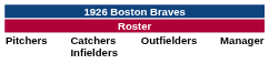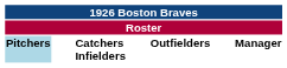 <table class="toccolours" style="font-size: 95%;">
 <tr>
 <th colspan="10" style="background-color: #0f437c; color: white; text-align: center;">1926 Boston Braves</th>
 </tr>
 <tr>
 <td colspan="10" style="background-color:#af0039; color: white; text-align: center;"><strong>Roster</strong></td>
 </tr>
 <tr>
-<td valign="top"><strong>Pitchers</strong><br>          </td>
+<td valign="top" style="background: lightblue;"><strong>Pitchers</strong><br>          </td>
 <td width="25px"></td>
 <td valign="top"><strong>Catchers</strong><br>     <strong>Infielders</strong>         </td>
 <td width="25px"></td>
 <td valign="top"><strong>Outfielders</strong><br>     </td>
 <td width="25px"></td>
 <td valign="top"><strong>Manager</strong><br></td>
 </tr>
 </table>
